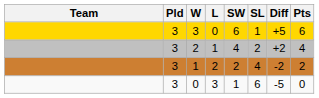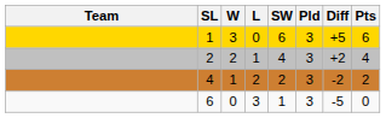 <table class=wikitable style="text-align:center">
 <tr>
 <th width=220>Team</th>
-<th width=20>Pld</th>
+<th width=20>SL</th>
 <th width=20>W</th>
 <th width=20>L</th>
 <th width=20>SW</th>
-<th width=20>SL</th>
+<th width=20>Pld</th>
 <th width=20>Diff</th>
 <th width=20>Pts</th>
 </tr>
 <tr bgcolor=#ffd700>
 <td align=left></td>
-<td>3</td>
+<td>1</td>
 <td>3</td>
 <td>0</td>
 <td>6</td>
-<td>1</td>
+<td>3</td>
 <td>+5</td>
 <td>6</td>
 </tr>
 <tr bgcolor=#c0c0c0>
 <td align=left></td>
-<td>3</td>
+<td>2</td>
 <td>2</td>
 <td>1</td>
 <td>4</td>
-<td>2</td>
+<td>3</td>
 <td>+2</td>
 <td>4</td>
 </tr>
 <tr bgcolor=#cd7f32>
 <td align=left></td>
-<td>3</td>
+<td>4</td>
 <td>1</td>
 <td>2</td>
 <td>2</td>
-<td>4</td>
+<td>3</td>
 <td>-2</td>
 <td>2</td>
 </tr>
 <tr>
 <td align=left></td>
-<td>3</td>
+<td>6</td>
 <td>0</td>
 <td>3</td>
 <td>1</td>
-<td>6</td>
+<td>3</td>
 <td>-5</td>
 <td>0</td>
 </tr>
 </table>
